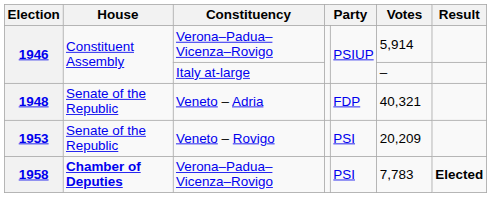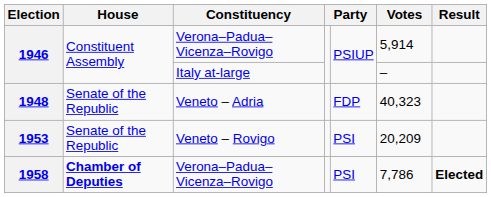 <table class=wikitable style="width:65%; border:1px #AAAAFF solid">
 <tr>
 <th width=12%>Election</th>
 <th width=25%>House</th>
 <th width=35%>Constituency</th>
 <th width=5% colspan="2">Party</th>
 <th width=12%>Votes</th>
 <th width=12%>Result</th>
 </tr>
 <tr>
 <th rowspan=2><a href='#'>1946</a></th>
 <td rowspan=2><a href='#'>Constituent Assembly</a></td>
 <td><a href='#'>Verona–Padua–Vicenza–Rovigo</a></td>
 <td rowspan=2></td>
 <td rowspan=2><a href='#'>PSIUP</a></td>
 <td>5,914</td>
 <td></td>
 </tr>
 <tr>
 <td><a href='#'>Italy at-large</a></td>
 <td>–</td>
 <td></td>
 </tr>
 <tr>
 <th><a href='#'>1948</a></th>
 <td><a href='#'>Senate of the Republic</a></td>
 <td><a href='#'>Veneto</a> – <a href='#'>Adria</a></td>
 <td></td>
 <td><a href='#'>FDP</a></td>
-<td>40,321</td>
+<td>40,323</td>
 <td></td>
 </tr>
 <tr>
 <th><a href='#'>1953</a></th>
 <td><a href='#'>Senate of the Republic</a></td>
 <td><a href='#'>Veneto</a> – <a href='#'>Rovigo</a></td>
 <td></td>
 <td><a href='#'>PSI</a></td>
 <td>20,209</td>
 <td></td>
 </tr>
 <tr>
 <th><a href='#'>1958</a></th>
 <td><strong><a href='#'>Chamber of Deputies</a></strong></td>
 <td><a href='#'>Verona–Padua–Vicenza–Rovigo</a></td>
 <td></td>
 <td><a href='#'>PSI</a></td>
-<td>7,783</td>
+<td>7,786</td>
 <td> <strong>Elected</strong></td>
 </tr>
 </table>
